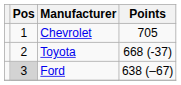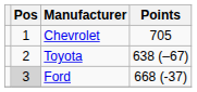 <table class="wikitable" style="font-size: 95%;">
 <tr>
 <th></th>
 <th>Pos</th>
 <th>Manufacturer</th>
 <th>Points</th>
 </tr>
 <tr>
 <td align="left"></td>
 <td style="text-align:center;">1</td>
 <td><a href='#'>Chevrolet</a></td>
 <td style="text-align:center;">705</td>
 </tr>
 <tr>
 <td align="left"></td>
 <td style="text-align:center;">2</td>
 <td><a href='#'>Toyota</a></td>
-<td style="text-align:center;">668 (-37)</td>
+<td style="text-align:center;">638 (–67)</td>
 </tr>
 <tr>
 <td align="left"></td>
 <td style="background: lightgrey; text-align:center;">3</td>
 <td><a href='#'>Ford</a></td>
-<td style="text-align:center;">638 (–67)</td>
+<td style="text-align:center;">668 (-37)</td>
 </tr>
 <tr class="sortbottom">
 </tr>
 </table>
